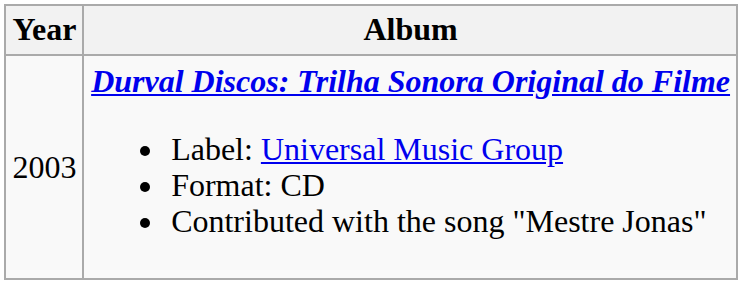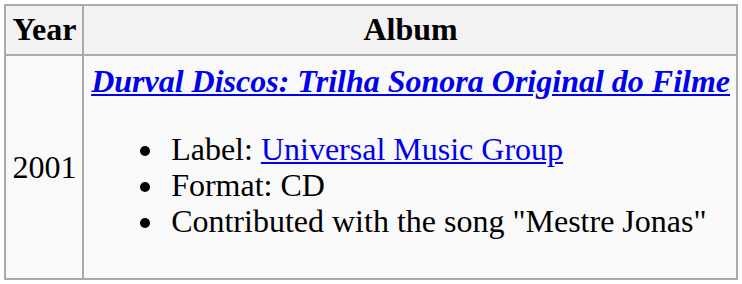 <table class="wikitable">
 <tr>
 <th>Year</th>
 <th>Album</th>
 </tr>
 <tr>
-<td>2003</td>
+<td>2001</td>
 <td><strong><em><a href='#'>Durval Discos: Trilha Sonora Original do Filme</a></em></strong><br><ul><li>Label: <a href='#'>Universal Music Group</a></li><li>Format: CD</li><li>Contributed with the song "Mestre Jonas"</li></ul></td>
 </tr>
 <tr>
 </tr>
 </table>
